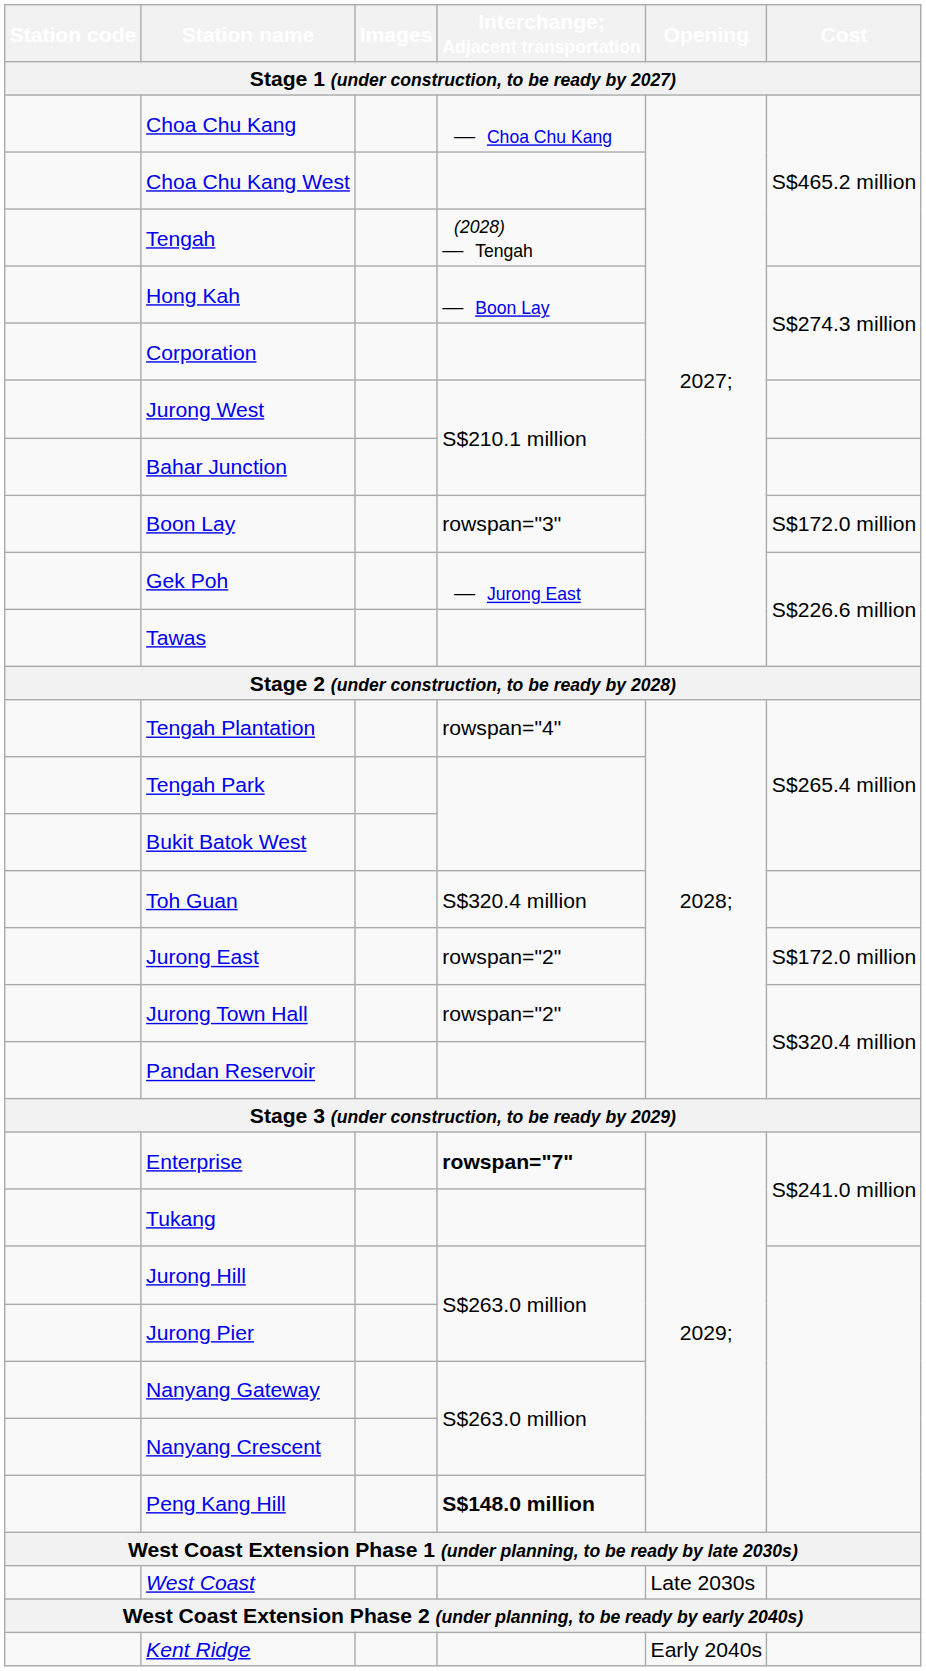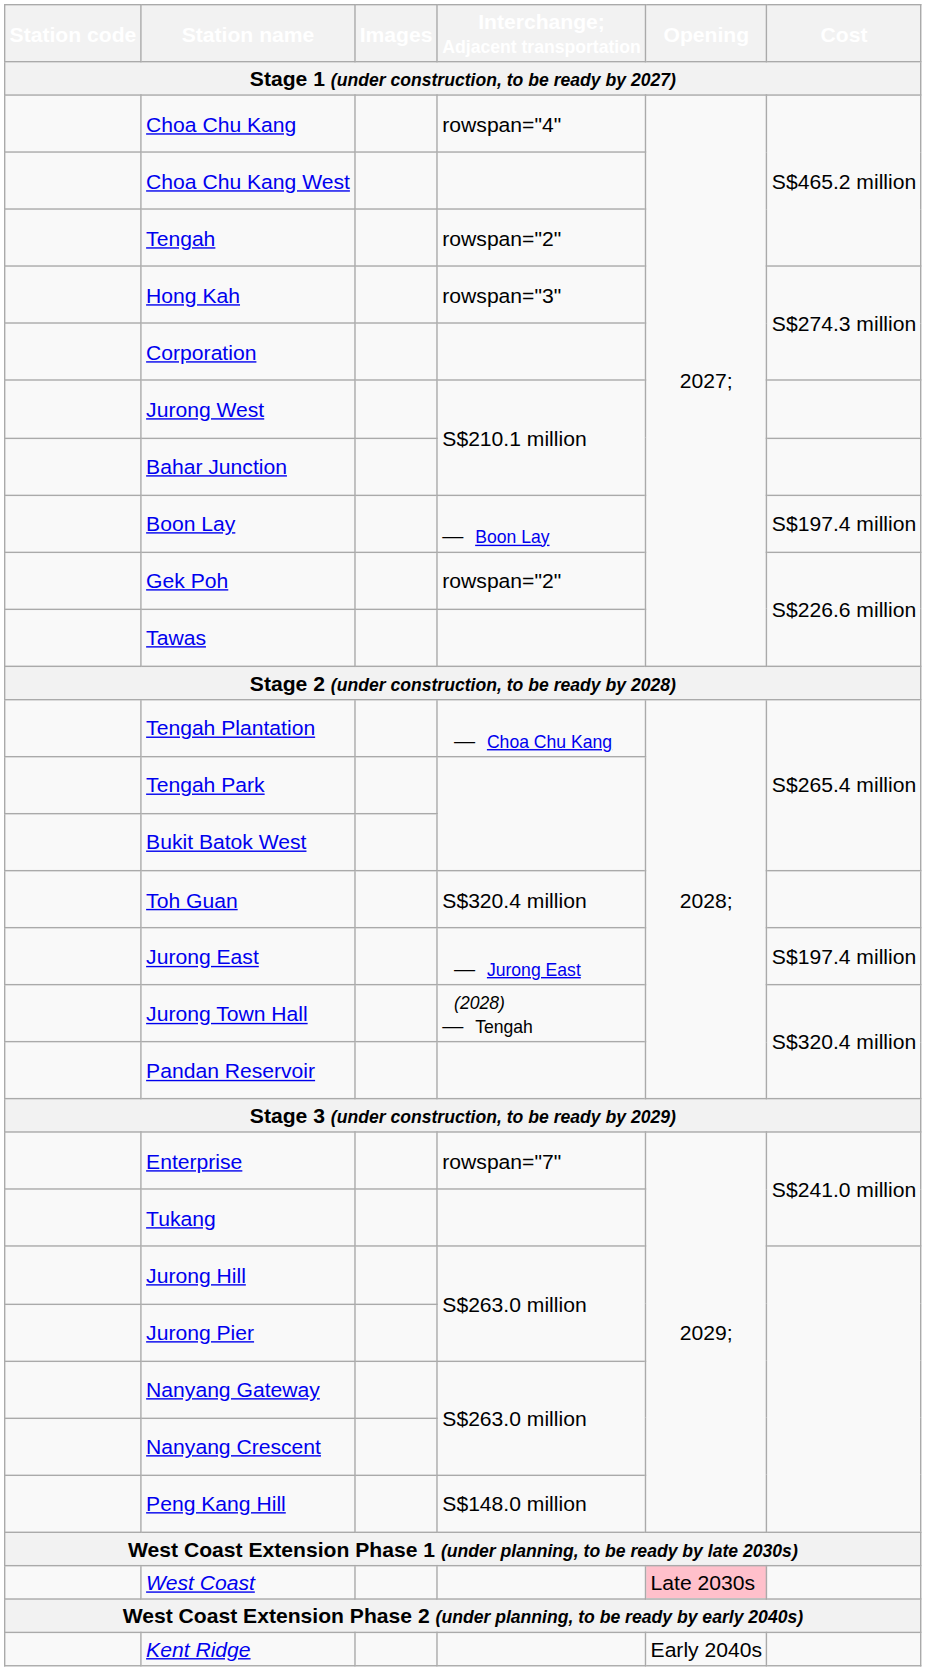 <table class="wikitable" style="color: black; border-collapse: collapse; font-size: 95%">
 <tr>
 <th scope="col" style="color: white; background:#">Station code</th>
 <th scope="col" style="color: white; background:#">Station name</th>
 <th scope="col" style="color: white; background:#">Images</th>
 <th scope="col" style="color: white; background:#">Interchange;<br><small>Adjacent transportation</small></th>
 <th scope="col" style="color: white; background:#">Opening</th>
 <th scope="col" style="color: white; background:#">Cost</th>
 </tr>
 <tr>
 <th colspan="6">Stage 1 <small><em>(under construction, to be ready by 2027)</em></small></th>
 </tr>
 <tr>
 <td scope="row"><br> </td>
 <td><a href='#'>Choa Chu Kang</a></td>
 <td></td>
-<td> <br>  ―  <small><a href='#'>Choa Chu Kang</a></small></td>
+<td>rowspan="4" </td>
 <td rowspan="10" align="center">2027;<br></td>
 <td rowspan="3">S$465.2 million<br></td>
 </tr>
 <tr>
 <td scope="row"><br> </td>
 <td><a href='#'>Choa Chu Kang West</a></td>
 <td></td>
 <td></td>
 </tr>
 <tr>
 <td scope="row"><br> </td>
 <td><a href='#'>Tengah</a></td>
 <td></td>
-<td>  <small><em>(2028)</em></small><br>―   <small>Tengah</small></td>
+<td>rowspan="2" </td>
 </tr>
 <tr>
 <td scope="row"><br> </td>
 <td><a href='#'>Hong Kah</a></td>
 <td></td>
-<td> <br>―  <small><a href='#'>Boon Lay</a></small></td>
+<td>rowspan="3" </td>
 <td rowspan="2">S$274.3 million<br></td>
 </tr>
 <tr>
 <td scope="row"><br> </td>
 <td><a href='#'>Corporation</a></td>
 <td></td>
 </tr>
 <tr>
 <td scope="row"><br> </td>
 <td><a href='#'>Jurong West</a></td>
 <td></td>
 <td rowspan="2">S$210.1 million<br></td>
 </tr>
 <tr>
 <td scope="row"><br> </td>
 <td><a href='#'>Bahar Junction</a></td>
 <td></td>
 <td> </td>
 </tr>
 <tr>
 <td scope="row"><br> </td>
 <td><a href='#'>Boon Lay</a></td>
 <td></td>
-<td>rowspan="3" </td>
-<td>S$172.0 million<br></td>
+<td> <br>―  <small><a href='#'>Boon Lay</a></small></td>
+<td>S$197.4 million<br></td>
 </tr>
 <tr>
 <td scope="row"><br> </td>
 <td><a href='#'>Gek Poh</a></td>
 <td></td>
-<td> <br>  ―  <small><a href='#'>Jurong East</a></small></td>
+<td>rowspan="2" </td>
 <td rowspan="2">S$226.6 million<br></td>
 </tr>
 <tr>
 <td scope="row"><br> </td>
 <td><a href='#'>Tawas</a></td>
 <td></td>
 </tr>
 <tr>
 <th colspan="6">Stage 2 <small><em>(under construction, to be ready by 2028)</em></small></th>
 </tr>
 <tr>
 <td scope="row"><br> </td>
 <td><a href='#'>Tengah Plantation</a></td>
 <td></td>
-<td>rowspan="4" </td>
+<td> <br>  ―  <small><a href='#'>Choa Chu Kang</a></small></td>
 <td rowspan="7" align="center">2028;<br></td>
 <td rowspan="3">S$265.4 million<br></td>
 </tr>
 <tr>
 <td scope="row"><br> </td>
 <td><a href='#'>Tengah Park</a></td>
 <td></td>
 </tr>
 <tr>
 <td scope="row"><br> </td>
 <td><a href='#'>Bukit Batok West</a></td>
 <td></td>
 </tr>
 <tr>
 <td scope="row"><br> </td>
 <td><a href='#'>Toh Guan</a></td>
 <td></td>
 <td>S$320.4 million<br></td>
 </tr>
 <tr>
 <td scope="row"><br> </td>
 <td><a href='#'>Jurong East</a></td>
 <td></td>
-<td>rowspan="2" </td>
-<td>S$172.0 million<br></td>
+<td> <br>  ―  <small><a href='#'>Jurong East</a></small></td>
+<td>S$197.4 million<br></td>
 </tr>
 <tr>
 <td scope="row"><br> </td>
 <td><a href='#'>Jurong Town Hall</a></td>
 <td></td>
-<td>rowspan="2" </td>
+<td>  <small><em>(2028)</em></small><br>―   <small>Tengah</small></td>
 <td rowspan="2">S$320.4 million</td>
 </tr>
 <tr>
 <td scope="row"><br> </td>
 <td><a href='#'>Pandan Reservoir</a></td>
 <td></td>
 </tr>
 <tr>
 <th colspan="6">Stage 3 <small><em>(under construction, to be ready by 2029)</em></small></th>
 </tr>
 <tr>
 <td scope="row"><br> </td>
 <td><a href='#'>Enterprise</a></td>
 <td></td>
-<td><strong>rowspan="7" </strong></td>
+<td>rowspan="7" </td>
 <td rowspan="7" align="center">2029;<br></td>
 <td rowspan="2">S$241.0 million<br></td>
 </tr>
 <tr>
 <td scope="row"><br> </td>
 <td><a href='#'>Tukang</a></td>
 <td></td>
 </tr>
 <tr>
 <td scope="row"><br> </td>
 <td><a href='#'>Jurong Hill</a></td>
 <td></td>
 <td rowspan="2">S$263.0 million<br></td>
 </tr>
 <tr>
 <td scope="row"><br> </td>
 <td><a href='#'>Jurong Pier</a></td>
 <td></td>
 </tr>
 <tr>
 <td scope="row"><br> </td>
 <td><a href='#'>Nanyang Gateway</a></td>
 <td></td>
 <td rowspan="2">S$263.0 million<br></td>
 </tr>
 <tr>
 <td scope="row"><br> </td>
 <td><a href='#'>Nanyang Crescent</a></td>
 <td></td>
 </tr>
 <tr>
 <td scope="row"><br> </td>
 <td><a href='#'>Peng Kang Hill</a></td>
 <td></td>
-<td><strong>S$148.0 million<br></strong></td>
+<td>S$148.0 million<br></td>
 </tr>
 <tr>
 <th colspan="6">West Coast Extension Phase 1 <small><em>(under planning, to be ready by late 2030s)</em></small></th>
 </tr>
 <tr>
 <td scope="row"><br> </td>
 <td><em><a href='#'>West Coast</a></em></td>
 <td></td>
 <td> </td>
-<td>Late 2030s</td>
+<td style="background: pink;">Late 2030s</td>
 <td></td>
 </tr>
 <tr>
 <th colspan="6">West Coast Extension Phase 2 <small><em>(under planning, to be ready by early 2040s)</em></small></th>
 </tr>
 <tr>
 <td scope="row"></td>
 <td><em><a href='#'>Kent Ridge</a></em></td>
 <td></td>
 <td> </td>
 <td>Early 2040s</td>
 <td></td>
 </tr>
 </table>
